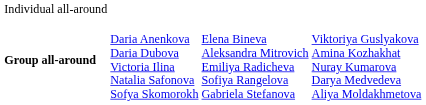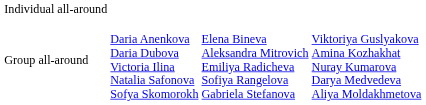 <table>
 <tr>
 <td>Individual all-around<br></td>
 <td></td>
 <td></td>
 <td></td>
 </tr>
 <tr>
-<td><strong>Group all-around<br></strong></td>
+<td>Group all-around<br></td>
 <td><br><a href='#'>Daria Anenkova</a><br><a href='#'>Daria Dubova</a><br><a href='#'>Victoria Ilina</a><br><a href='#'>Natalia Safonova</a><br><a href='#'>Sofya Skomorokh</a></td>
 <td><br><a href='#'>Elena Bineva</a><br><a href='#'>Aleksandra Mitrovich</a><br><a href='#'>Emiliya Radicheva</a><br><a href='#'>Sofiya Rangelova</a><br><a href='#'>Gabriela Stefanova</a></td>
 <td><br><a href='#'>Viktoriya Guslyakova</a><br><a href='#'>Amina Kozhakhat</a><br><a href='#'>Nuray Kumarova</a><br><a href='#'>Darya Medvedeva</a><br><a href='#'>Aliya Moldakhmetova</a></td>
 </tr>
 <tr>
 </tr>
 </table>
